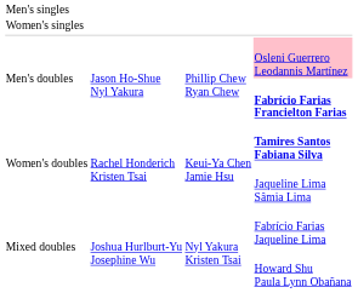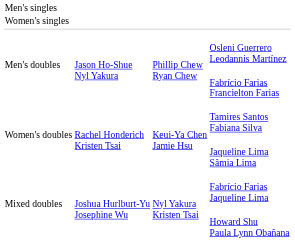 <table>
 <tr>
 <td rowspan=2>Men's singles <br></td>
 <td rowspan=2></td>
 <td rowspan=2></td>
 <td></td>
 </tr>
 <tr>
 <td></td>
 </tr>
 <tr>
 <td rowspan=2>Women's singles <br></td>
 <td rowspan=2></td>
 <td rowspan=2></td>
 <td></td>
 </tr>
 <tr>
 <td></td>
 </tr>
 <tr bgcolor=#DDDDDD>
 <td colspan=7></td>
 </tr>
 <tr>
 <td rowspan=2>Men's doubles <br></td>
 <td rowspan=2><br><a href='#'>Jason Ho-Shue</a><br><a href='#'>Nyl Yakura</a></td>
 <td rowspan=2><br><a href='#'>Phillip Chew</a><br><a href='#'>Ryan Chew</a></td>
-<td style="background: pink;"><br><a href='#'>Osleni Guerrero</a><br><a href='#'>Leodannis Martínez</a></td>
+<td><br><a href='#'>Osleni Guerrero</a><br><a href='#'>Leodannis Martínez</a></td>
 </tr>
 <tr>
-<td><strong><br><a href='#'>Fabrício Farias</a><br><a href='#'>Francielton Farias</a></strong></td>
+<td><br><a href='#'>Fabrício Farias</a><br><a href='#'>Francielton Farias</a></td>
 </tr>
 <tr>
 <td rowspan=2>Women's doubles <br></td>
 <td rowspan=2><br><a href='#'>Rachel Honderich</a><br><a href='#'>Kristen Tsai</a></td>
 <td rowspan=2><br><a href='#'>Keui-Ya Chen</a><br><a href='#'>Jamie Hsu</a></td>
-<td><strong><br><a href='#'>Tamires Santos</a><br><a href='#'>Fabiana Silva</a></strong></td>
+<td><br><a href='#'>Tamires Santos</a><br><a href='#'>Fabiana Silva</a></td>
 </tr>
 <tr>
 <td><br><a href='#'>Jaqueline Lima</a><br><a href='#'>Sâmia Lima</a></td>
 </tr>
 <tr>
 <td rowspan=2>Mixed doubles <br></td>
 <td rowspan=2><br><a href='#'>Joshua Hurlburt-Yu</a> <br> <a href='#'>Josephine Wu</a></td>
 <td rowspan=2><br><a href='#'>Nyl Yakura</a>  <br> <a href='#'>Kristen Tsai</a></td>
 <td><br><a href='#'>Fabrício Farias</a><br><a href='#'>Jaqueline Lima</a></td>
 </tr>
 <tr>
 <td><br><a href='#'>Howard Shu</a><br><a href='#'>Paula Lynn Obañana</a></td>
 </tr>
 </table>
